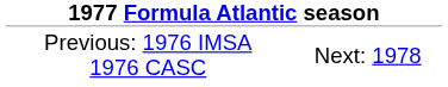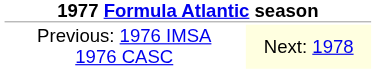 <table style="margin: 0 0 1em 1em; float:right; text-align:center; width: 20em;" class="toccolours">
 <tr>
 <td colspan="2" style="padding:0 1em;border-bottom:1px #aaa solid;"><strong>1977 <a href='#'>Formula Atlantic</a> season</strong></td>
 </tr>
 <tr>
 <td>Previous: <a href='#'>1976 IMSA</a><br><a href='#'>1976 CASC</a></td>
-<td>Next: <a href='#'>1978</a></td>
+<td style="background: lightyellow;">Next: <a href='#'>1978</a></td>
 </tr>
 </table>
